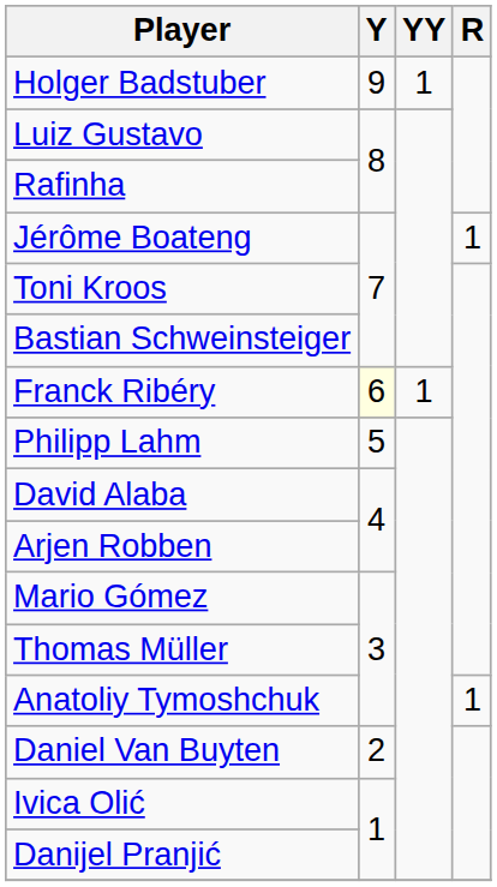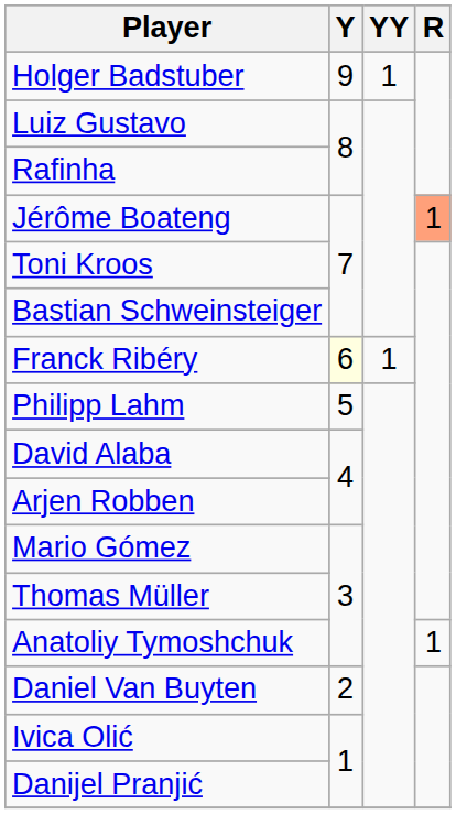 <table class="wikitable">
 <tr>
 <th>Player</th>
 <th>Y</th>
 <th>YY</th>
 <th>R</th>
 </tr>
 <tr>
 <td> <a href='#'>Holger Badstuber</a></td>
 <td align=center>9</td>
 <td align=center>1</td>
 <td rowspan="3" align=center></td>
 </tr>
 <tr>
 <td> <a href='#'>Luiz Gustavo</a></td>
 <td rowspan="2" align=center>8</td>
 <td rowspan="5" align=center></td>
 </tr>
 <tr>
 <td> <a href='#'>Rafinha</a></td>
 </tr>
 <tr>
 <td> <a href='#'>Jérôme Boateng</a></td>
 <td rowspan="3" align=center>7</td>
-<td align=center>1</td>
+<td align=center style="background: lightsalmon;">1</td>
 </tr>
 <tr>
 <td> <a href='#'>Toni Kroos</a></td>
 </tr>
 <tr>
 <td> <a href='#'>Bastian Schweinsteiger</a></td>
 </tr>
 <tr>
 <td> <a href='#'>Franck Ribéry</a></td>
 <td align=center style="background: lightyellow;">6</td>
 <td align=center>1</td>
 </tr>
 <tr>
 <td> <a href='#'>Philipp Lahm</a></td>
 <td align=center>5</td>
 <td rowspan="9" align=center></td>
 </tr>
 <tr>
 <td> <a href='#'>David Alaba</a></td>
 <td rowspan="2" align=center>4</td>
 </tr>
 <tr>
 <td> <a href='#'>Arjen Robben</a></td>
 </tr>
 <tr>
 <td> <a href='#'>Mario Gómez</a></td>
 <td rowspan="3" align=center>3</td>
 </tr>
 <tr>
 <td> <a href='#'>Thomas Müller</a></td>
 </tr>
 <tr>
 <td> <a href='#'>Anatoliy Tymoshchuk</a></td>
 <td align=center>1</td>
 </tr>
 <tr>
 <td> <a href='#'>Daniel Van Buyten</a></td>
 <td align=center>2</td>
 <td rowspan="3" align=center></td>
 </tr>
 <tr>
 <td> <a href='#'>Ivica Olić</a></td>
 <td rowspan="2" align=center>1</td>
 </tr>
 <tr>
 <td> <a href='#'>Danijel Pranjić</a></td>
 </tr>
 <tr>
 </tr>
 </table>
